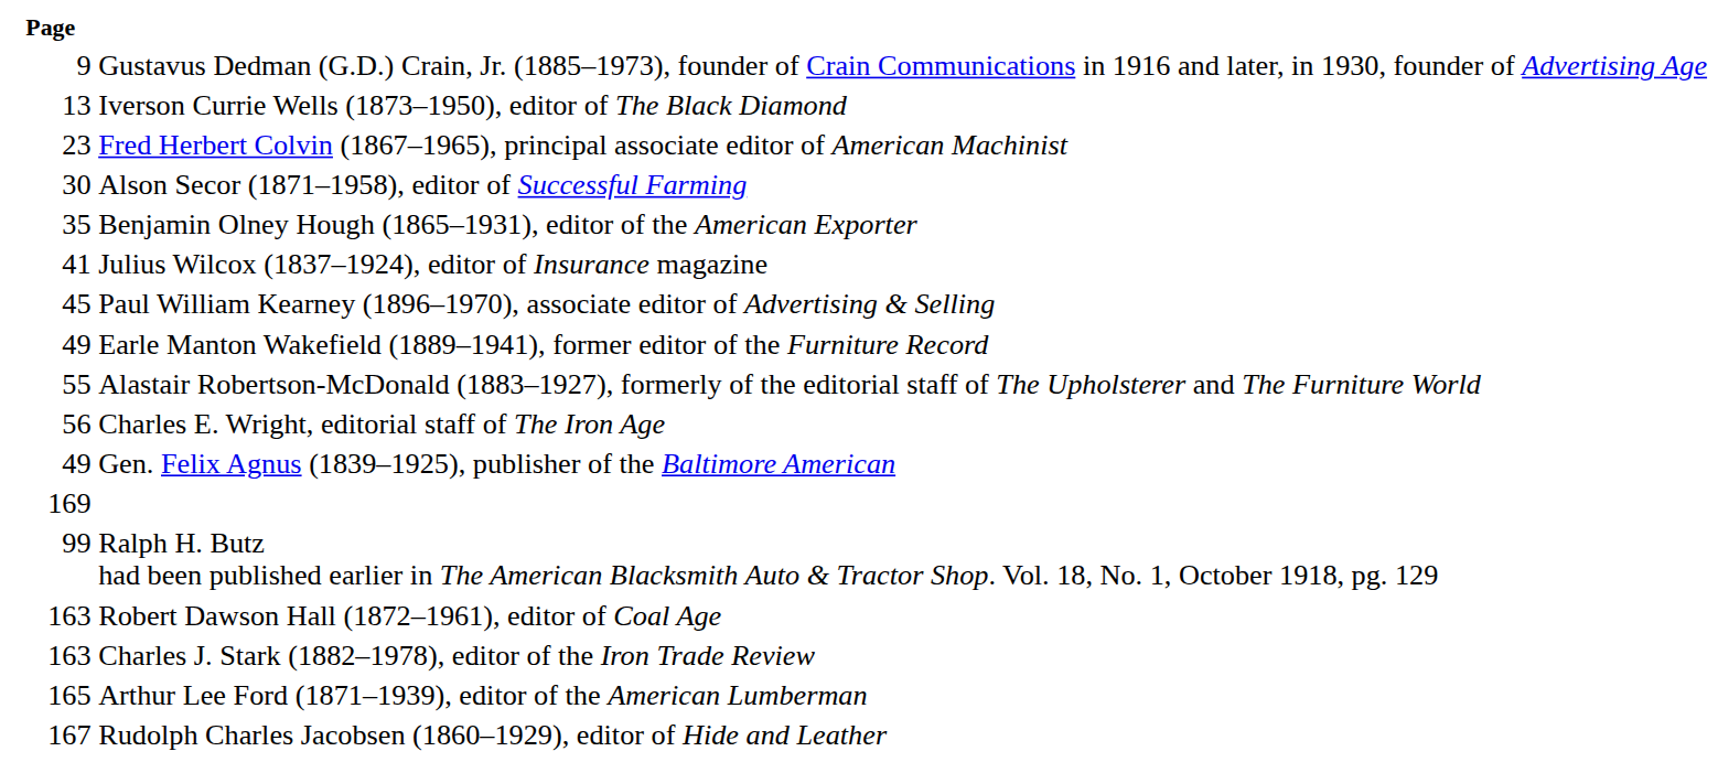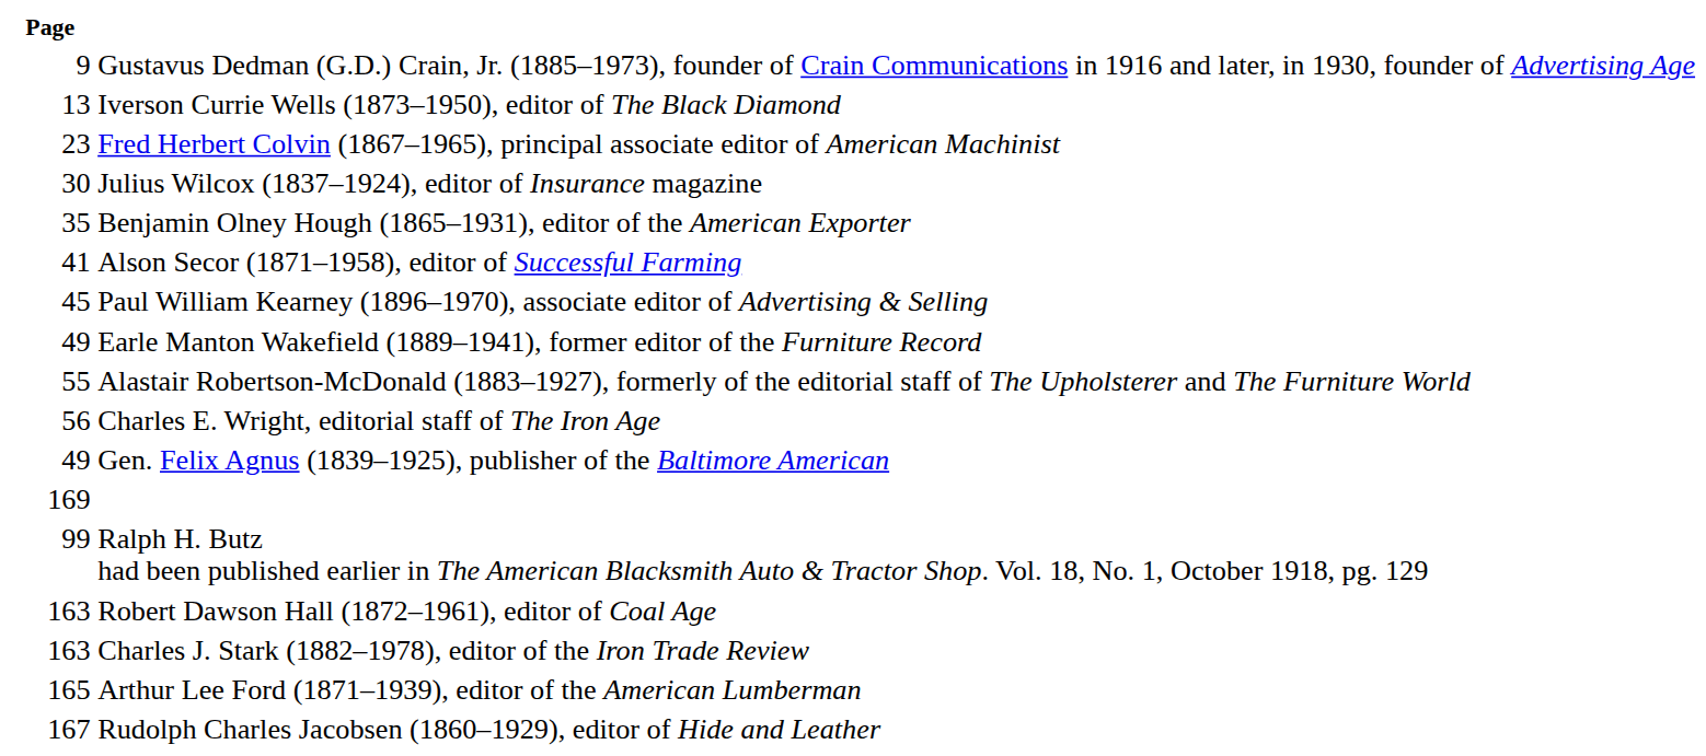 <table valign="top"; border="0" cellpadding="1" style="color: black; background-color: #FFFFFF;">
 <tr valign="top">
 <td width="5%" style="text-align:center"><strong><small>Page</small></strong><br></td>
 <td width="95%" style="text-align:left"></td>
 </tr>
 <tr valign="top">
 <td width="5%" style="text-align:right">9</td>
 <td width="95%" style="text-align:left"><div>Gustavus Dedman (G.D.) Crain, Jr. (1885–1973), founder of <a href='#'>Crain Communications</a> in 1916 and later, in 1930, founder of <em><a href='#'>Advertising Age</a></em></div></td>
 </tr>
 <tr valign="top">
 <td width="5%" style="text-align:right">13</td>
 <td width="95%" style="text-align:left"><div>Iverson Currie Wells (1873–1950), editor of <em>The Black Diamond</em></div></td>
 </tr>
 <tr valign="top">
 <td width="5%" style="text-align:right">23</td>
 <td width="95%" style="text-align:left"><div><a href='#'>Fred Herbert Colvin</a> (1867–1965), principal associate editor of <em>American Machinist</em></div></td>
 </tr>
 <tr valign="top">
 <td width="5%" style="text-align:right">30</td>
-<td width="95%" style="text-align:left"><div>Alson Secor (1871–1958), editor of <em><a href='#'>Successful Farming</a></em></div></td>
+<td width="95%" style="text-align:left"><div>Julius Wilcox (1837–1924), editor of <em>Insurance</em> magazine</div></td>
 </tr>
 <tr valign="top">
 <td width="5%" style="text-align:right">35</td>
 <td width="95%" style="text-align:left"><div>Benjamin Olney Hough (1865–1931), editor of the <em>American Exporter</em></div></td>
 </tr>
 <tr valign="top">
 <td width="5%" style="text-align:right">41</td>
-<td width="95%" style="text-align:left"><div>Julius Wilcox (1837–1924), editor of <em>Insurance</em> magazine</div></td>
+<td width="95%" style="text-align:left"><div>Alson Secor (1871–1958), editor of <em><a href='#'>Successful Farming</a></em></div></td>
 </tr>
 <tr valign="top">
 <td width="5%" style="text-align:right">45</td>
 <td width="95%" style="text-align:left"><div>Paul William Kearney (1896–1970), associate editor of <em>Advertising & Selling</em></div></td>
 </tr>
 <tr valign="top">
 <td width="5%" style="text-align:right">49</td>
 <td width="95%" style="text-align:left"><div>Earle Manton Wakefield (1889–1941), former editor of the <em>Furniture Record</em></div></td>
 </tr>
 <tr valign="top">
 <td width="5%" style="text-align:right">55</td>
 <td width="95%" style="text-align:left"><div>Alastair Robertson-McDonald (1883–1927), formerly of the editorial staff of <em>The Upholsterer</em> and <em>The Furniture World</em></div></td>
 </tr>
 <tr valign="top">
 <td width="5%" style="text-align:right">56</td>
 <td width="95%" style="text-align:left"><div>Charles E. Wright, editorial staff of <em>The Iron Age</em></div></td>
 </tr>
 <tr valign="top">
 <td width="5%" style="text-align:right">49</td>
 <td width="95%" style="text-align:left"><div>Gen. <a href='#'>Felix Agnus</a> (1839–1925), publisher of the <em><a href='#'>Baltimore American</a></em></div></td>
 </tr>
 <tr valign="top">
 <td width="5%" style="text-align:right">169</td>
 <td width="95%" style="text-align:left"></td>
 </tr>
 <tr valign="top">
 <td width="5%" style="text-align:right">99</td>
 <td width="95%" style="text-align:left"><div>Ralph H. Butz<br> had been published earlier in <em>The American Blacksmith Auto & Tractor Shop</em>. Vol. 18, No. 1, October 1918, pg. 129</div></td>
 </tr>
 <tr valign="top">
 <td width="5%" style="text-align:right">163</td>
 <td width="95%" style="text-align:left"><div>Robert Dawson Hall (1872–1961), editor of <em>Coal Age</em></div></td>
 </tr>
 <tr valign="top">
 <td width="5%" style="text-align:right">163</td>
 <td width="95%" style="text-align:left"><div>Charles J. Stark (1882–1978), editor of the <em>Iron Trade Review</em></div></td>
 </tr>
 <tr valign="top">
 <td width="5%" style="text-align:right">165</td>
 <td width="95%" style="text-align:left"><div>Arthur Lee Ford (1871–1939), editor of the <em>American Lumberman</em></div></td>
 </tr>
 <tr valign="top">
 <td width="5%" style="text-align:right">167</td>
 <td width="95%" style="text-align:left"><div>Rudolph Charles Jacobsen (1860–1929), editor of <em>Hide and Leather</em></div></td>
 </tr>
 </table>
